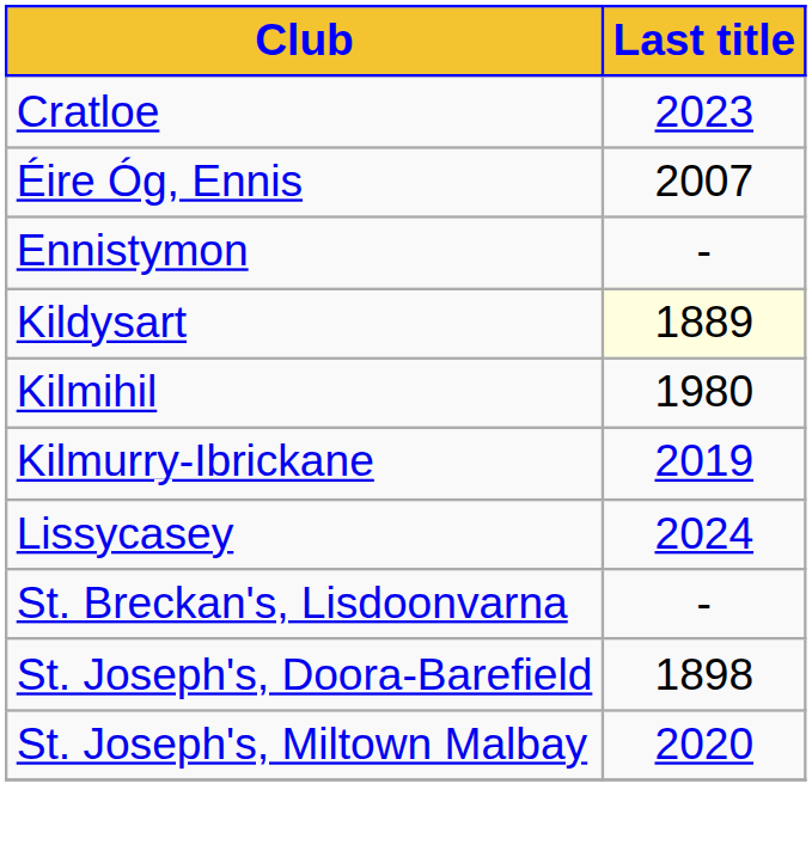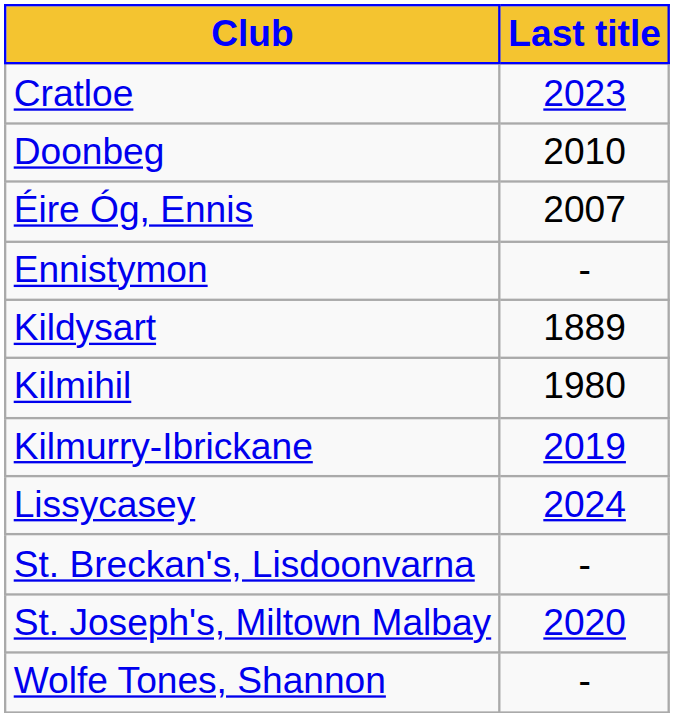 <table class="wikitable">
 <tr>
 <th style="background:#F4C430;color:blue;border:1px solid blue">Club</th>
 <th style="background:#F4C430;color:blue;border:1px solid blue">Last title</th>
 </tr>
 <tr>
 <td> <a href='#'>Cratloe</a></td>
 <td align="center"><a href='#'>2023</a></td>
+</tr>
+<tr>
+<td> <a href='#'>Doonbeg</a></td>
+<td align="center">2010</td>
 </tr>
 <tr>
 <td> <a href='#'>Éire Óg, Ennis</a></td>
 <td align="center">2007</td>
 </tr>
 <tr>
 <td> <a href='#'>Ennistymon</a></td>
 <td align="center">-</td>
 </tr>
 <tr>
 <td> <a href='#'>Kildysart</a></td>
-<td align="center" style="background: lightyellow;">1889</td>
+<td align="center">1889</td>
 </tr>
 <tr>
 <td> <a href='#'>Kilmihil</a></td>
 <td align="center">1980</td>
 </tr>
 <tr>
 <td> <a href='#'>Kilmurry-Ibrickane</a></td>
 <td align="center"><a href='#'>2019</a></td>
 </tr>
 <tr>
 <td> <a href='#'>Lissycasey</a></td>
 <td align="center"><a href='#'>2024</a></td>
 </tr>
 <tr>
 <td> <a href='#'>St. Breckan's, Lisdoonvarna</a></td>
 <td align="center">-</td>
 </tr>
 <tr>
-<td> <a href='#'>St. Joseph's, Doora-Barefield</a></td>
-<td align="center">1898</td>
-</tr>
-<tr>
 <td> <a href='#'>St. Joseph's, Miltown Malbay</a></td>
 <td align="center"><a href='#'>2020</a></td>
 </tr>
 <tr>
+<td> <a href='#'>Wolfe Tones, Shannon</a></td>
+<td align="center">-</td>
+</tr>
+<tr>
 </tr>
 </table>
